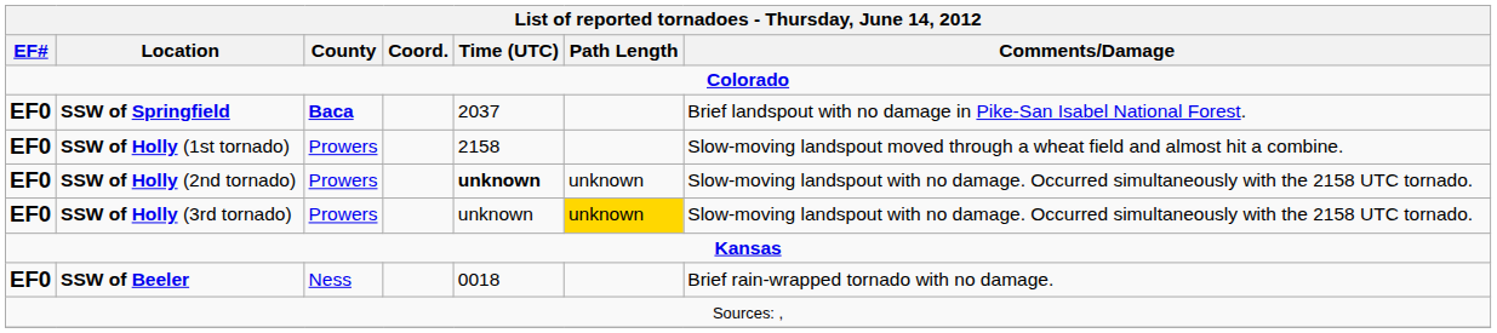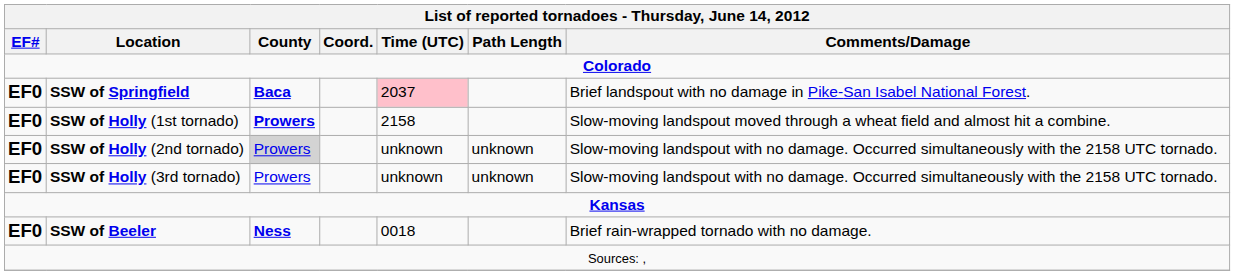 <table class="wikitable collapsible" width="100%">
 <tr>
 <th colspan="7">List of reported tornadoes - Thursday, June 14, 2012</th>
 </tr>
 <tr>
 <th><a href='#'>EF#</a></th>
 <th>Location</th>
 <th>County</th>
 <th>Coord.</th>
 <th>Time (UTC)</th>
 <th>Path Length</th>
 <th>Comments/Damage</th>
 </tr>
 <tr>
 <td colspan="7" align=center><strong><a href='#'>Colorado</a></strong></td>
 </tr>
 <tr>
 <td><big><strong>EF0</strong></big></td>
 <td><strong>SSW of <a href='#'>Springfield</a></strong></td>
 <td><strong><a href='#'>Baca</a></strong></td>
 <td></td>
-<td>2037</td>
+<td style="background: pink;">2037</td>
 <td></td>
 <td>Brief landspout with no damage in <a href='#'>Pike-</a><a href='#'>San Isabel National Forest</a>.</td>
 </tr>
 <tr>
 <td><big><strong>EF0</strong></big></td>
 <td><strong>SSW of <a href='#'>Holly</a></strong> (1st tornado)</td>
-<td><a href='#'>Prowers</a></td>
+<td><strong><a href='#'>Prowers</a></strong></td>
 <td></td>
 <td>2158</td>
 <td></td>
 <td>Slow-moving landspout moved through a wheat field and almost hit a combine.</td>
 </tr>
 <tr>
 <td><big><strong>EF0</strong></big></td>
 <td><strong>SSW of <a href='#'>Holly</a></strong> (2nd tornado)</td>
-<td><a href='#'>Prowers</a></td>
+<td style="background: lightgrey;"><a href='#'>Prowers</a></td>
 <td></td>
-<td><strong>unknown</strong></td>
+<td>unknown</td>
 <td>unknown</td>
 <td>Slow-moving landspout with no damage. Occurred simultaneously with the 2158 UTC tornado.</td>
 </tr>
 <tr>
 <td><big><strong>EF0</strong></big></td>
 <td><strong>SSW of <a href='#'>Holly</a></strong> (3rd tornado)</td>
 <td><a href='#'>Prowers</a></td>
 <td></td>
 <td>unknown</td>
-<td style="background: gold;">unknown</td>
+<td>unknown</td>
 <td>Slow-moving landspout with no damage. Occurred simultaneously with the 2158 UTC tornado.</td>
 </tr>
 <tr>
 <td colspan="7" align=center><strong><a href='#'>Kansas</a></strong></td>
 </tr>
 <tr>
 <td><big><strong>EF0</strong></big></td>
 <td><strong>SSW of <a href='#'>Beeler</a></strong></td>
-<td><a href='#'>Ness</a></td>
+<td><strong><a href='#'>Ness</a></strong></td>
 <td></td>
 <td>0018</td>
 <td></td>
 <td>Brief rain-wrapped tornado with no damage.</td>
 </tr>
 <tr>
 <td colspan="7" align=center><small>Sources: , </small></td>
 </tr>
 <tr>
 </tr>
 </table>
